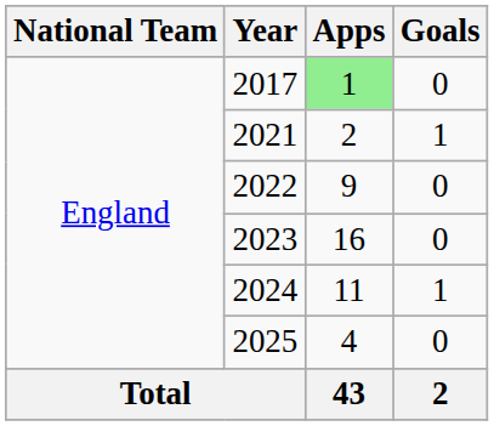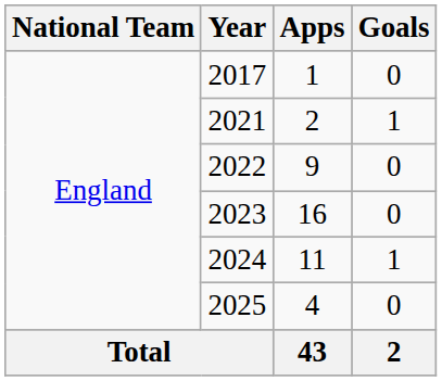 <table class="wikitable" style="text-align:center">
 <tr>
 <th>National Team</th>
 <th>Year</th>
 <th>Apps</th>
 <th>Goals</th>
 </tr>
 <tr>
 <td rowspan="6"><a href='#'>England</a></td>
 <td>2017</td>
-<td style="background: lightgreen;">1</td>
+<td>1</td>
 <td>0</td>
 </tr>
 <tr>
 <td>2021</td>
 <td>2</td>
 <td>1</td>
 </tr>
 <tr>
 <td>2022</td>
 <td>9</td>
 <td>0</td>
 </tr>
 <tr>
 <td>2023</td>
 <td>16</td>
 <td>0</td>
 </tr>
 <tr>
 <td>2024</td>
 <td>11</td>
 <td>1</td>
 </tr>
 <tr>
 <td>2025</td>
 <td>4</td>
 <td>0</td>
 </tr>
 <tr>
 <th colspan="2">Total</th>
 <th>43</th>
 <th>2</th>
 </tr>
 </table>
